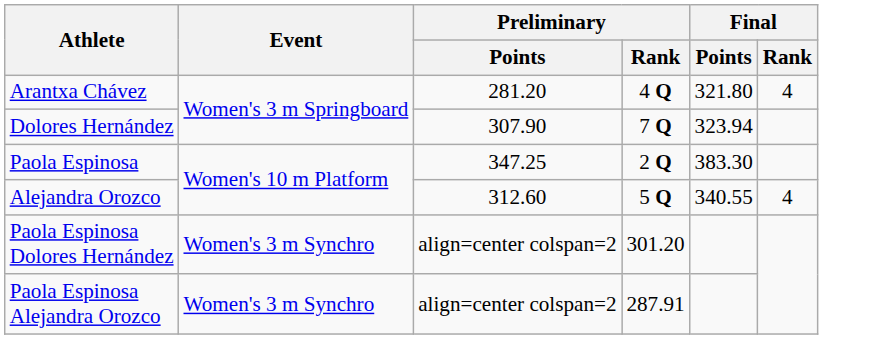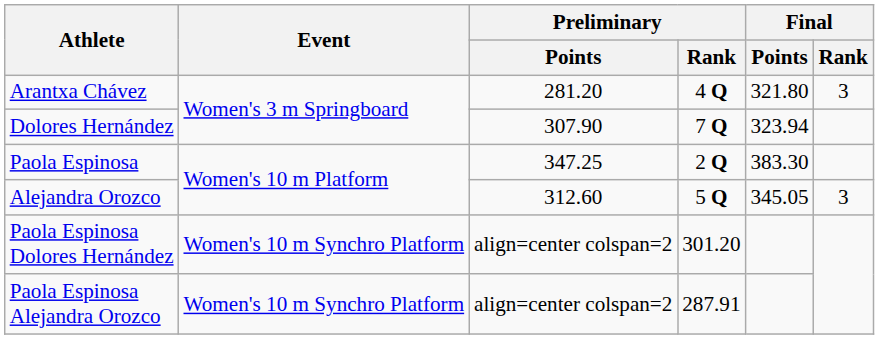 <table class=wikitable style="font-size:90%">
 <tr>
 <th rowspan="2">Athlete</th>
 <th rowspan="2">Event</th>
 <th colspan="2">Preliminary</th>
 <th colspan="2">Final</th>
 </tr>
 <tr>
 <th>Points</th>
 <th>Rank</th>
 <th>Points</th>
 <th>Rank</th>
 </tr>
 <tr>
 <td><a href='#'>Arantxa Chávez</a></td>
 <td rowspan="2"><a href='#'>Women's 3 m Springboard</a></td>
 <td align=center>281.20</td>
 <td align=center>4 <strong>Q</strong></td>
 <td align=center>321.80</td>
-<td align=center>4</td>
+<td align=center>3</td>
 </tr>
 <tr>
 <td><a href='#'>Dolores Hernández</a></td>
 <td align=center>307.90</td>
 <td align=center>7 <strong>Q</strong></td>
 <td align=center>323.94</td>
 <td align=center></td>
 </tr>
 <tr>
 <td><a href='#'>Paola Espinosa</a></td>
 <td rowspan="2"><a href='#'>Women's 10 m Platform</a></td>
 <td align=center>347.25</td>
 <td align=center>2 <strong>Q</strong></td>
 <td align=center>383.30</td>
 <td align=center></td>
 </tr>
 <tr>
 <td><a href='#'>Alejandra Orozco</a></td>
 <td align=center>312.60</td>
 <td align=center>5 <strong>Q</strong></td>
-<td align=center>340.55</td>
-<td align=center>4</td>
+<td align=center>345.05</td>
+<td align=center>3</td>
 </tr>
 <tr>
 <td><a href='#'>Paola Espinosa</a><br><a href='#'>Dolores Hernández</a></td>
-<td><a href='#'>Women's 3 m Synchro</a></td>
+<td><a href='#'>Women's 10 m Synchro Platform</a></td>
 <td>align=center colspan=2 </td>
 <td align=center>301.20</td>
 <td align=center></td>
 </tr>
 <tr>
 <td><a href='#'>Paola Espinosa</a><br><a href='#'>Alejandra Orozco</a></td>
-<td><a href='#'>Women's 3 m Synchro</a></td>
+<td><a href='#'>Women's 10 m Synchro Platform</a></td>
 <td>align=center colspan=2 </td>
 <td align=center>287.91</td>
 <td align=center></td>
 </tr>
 </table>
